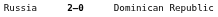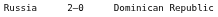 <table style="text-align:center">
 <tr>
 <th width=200></th>
 <th width=100></th>
 <th width=200></th>
 </tr>
 <tr>
 <td align=right>Russia</td>
-<td><strong>2–0</strong></td>
+<td>2–0</td>
 <td align=left>Dominican Republic</td>
 </tr>
 <tr>
 </tr>
 </table>
